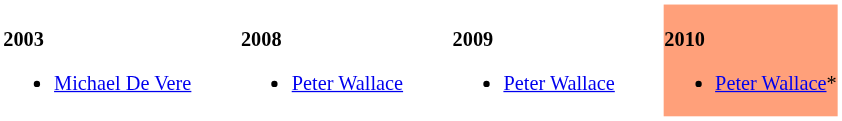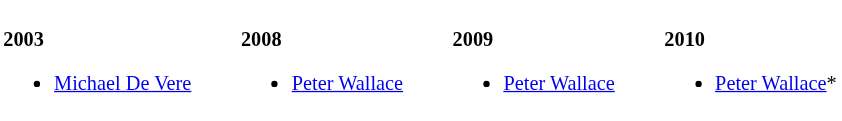 <table class="toccolours" style="border-collapse: collapse;">
 <tr>
 <td colspan=7 align="right"></td>
 </tr>
 <tr>
 <td valign="top"><br><strong>2003</strong><ul><li><a href='#'>Michael De Vere</a></li></ul></td>
 <td width="35"> </td>
 <td valign="top"><br><strong>2008</strong><ul><li><a href='#'>Peter Wallace</a></li></ul></td>
 <td width="35"> </td>
 <td valign="top"><br><strong>2009</strong><ul><li><a href='#'>Peter Wallace</a></li></ul></td>
 <td width="35"> </td>
-<td valign="top" style="background: lightsalmon;"><br><strong>2010</strong><ul><li><a href='#'>Peter Wallace</a>*</li></ul></td>
+<td valign="top"><br><strong>2010</strong><ul><li><a href='#'>Peter Wallace</a>*</li></ul></td>
 </tr>
 </table>
